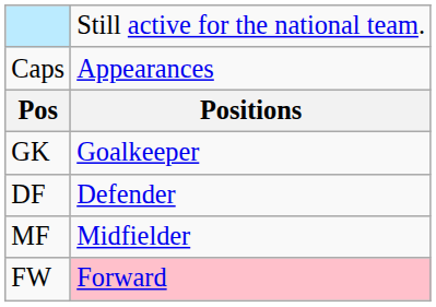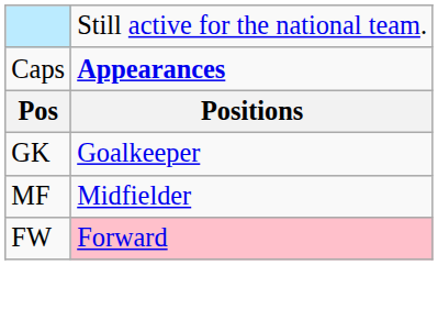 <table class="wikitable">
 <tr>
 <td style="background:#bbebff;"></td>
 <td>Still <a href='#'>active for the national team</a>.</td>
 </tr>
 <tr>
 <td>Caps</td>
-<td><a href='#'>Appearances</a></td>
+<td><strong><a href='#'>Appearances</a></strong></td>
 </tr>
 <tr>
 <th>Pos</th>
 <th style="align: left">Positions</th>
 </tr>
 <tr>
 <td>GK</td>
 <td><a href='#'>Goalkeeper</a></td>
 </tr>
 <tr>
-<td>DF</td>
-<td><a href='#'>Defender</a></td>
-</tr>
-<tr>
 <td>MF</td>
 <td><a href='#'>Midfielder</a></td>
 </tr>
 <tr>
 <td>FW</td>
 <td style="background: pink;"><a href='#'>Forward</a></td>
 </tr>
 </table>
